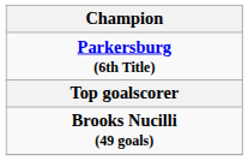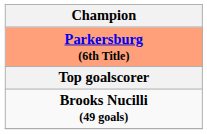 <table class="wikitable" style="margin: 0 auto; width: 220px;">
 <tr>
 <th>Champion</th>
 </tr>
 <tr>
-<td align="center"><strong><a href='#'>Parkersburg</a></strong><br><small><strong>(6th Title)</strong></small></td>
+<td align="center" style="background: lightsalmon;"><strong><a href='#'>Parkersburg</a></strong><br><small><strong>(6th Title)</strong></small></td>
 </tr>
 <tr>
 <th>Top goalscorer</th>
 </tr>
 <tr>
 <td align="center"><strong>Brooks Nucilli </strong><br><small><strong>(49 goals)</strong></small></td>
 </tr>
 <tr>
 </tr>
 </table>
